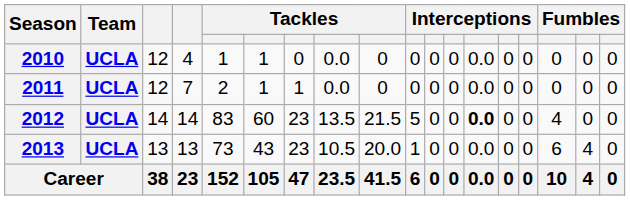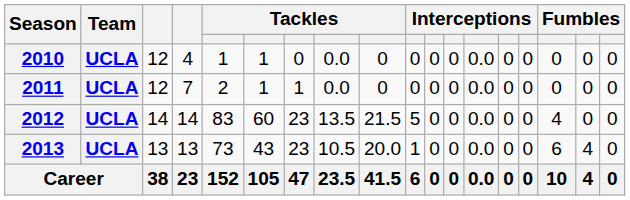 <table class="wikitable" style="text-align:center;">
 <tr>
 <th rowspan="2">Season</th>
 <th rowspan="2">Team</th>
 <th rowspan="2"></th>
 <th rowspan="2"></th>
 <th colspan="5">Tackles</th>
 <th colspan="6">Interceptions</th>
 <th colspan="3">Fumbles</th>
 </tr>
 <tr>
 <th></th>
 <th></th>
 <th></th>
 <th></th>
 <th></th>
 <th></th>
 <th></th>
 <th></th>
 <th></th>
 <th></th>
 <th></th>
 <th></th>
 <th></th>
 <th></th>
 </tr>
 <tr>
 <th><a href='#'>2010</a></th>
 <th><a href='#'>UCLA</a></th>
 <td>12</td>
 <td>4</td>
 <td>1</td>
 <td>1</td>
 <td>0</td>
 <td>0.0</td>
 <td>0</td>
 <td>0</td>
 <td>0</td>
 <td>0</td>
 <td>0.0</td>
 <td>0</td>
 <td>0</td>
 <td>0</td>
 <td>0</td>
 <td>0</td>
 </tr>
 <tr>
 <th><a href='#'>2011</a></th>
 <th><a href='#'>UCLA</a></th>
 <td>12</td>
 <td>7</td>
 <td>2</td>
 <td>1</td>
 <td>1</td>
 <td>0.0</td>
 <td>0</td>
 <td>0</td>
 <td>0</td>
 <td>0</td>
 <td>0.0</td>
 <td>0</td>
 <td>0</td>
 <td>0</td>
 <td>0</td>
 <td>0</td>
 </tr>
 <tr>
 <th><a href='#'>2012</a></th>
 <th><a href='#'>UCLA</a></th>
 <td>14</td>
 <td>14</td>
 <td>83</td>
 <td>60</td>
 <td>23</td>
 <td>13.5</td>
 <td>21.5</td>
 <td>5</td>
 <td>0</td>
 <td>0</td>
-<td><strong>0.0</strong></td>
+<td>0.0</td>
 <td>0</td>
 <td>0</td>
 <td>4</td>
 <td>0</td>
 <td>0</td>
 </tr>
 <tr>
 <th><a href='#'>2013</a></th>
 <th><a href='#'>UCLA</a></th>
 <td>13</td>
 <td>13</td>
 <td>73</td>
 <td>43</td>
 <td>23</td>
 <td>10.5</td>
 <td>20.0</td>
 <td>1</td>
 <td>0</td>
 <td>0</td>
 <td>0.0</td>
 <td>0</td>
 <td>0</td>
 <td>6</td>
 <td>4</td>
 <td>0</td>
 </tr>
 <tr>
 <th colspan="2">Career</th>
 <th>38</th>
 <th>23</th>
 <th>152</th>
 <th>105</th>
 <th>47</th>
 <th>23.5</th>
 <th>41.5</th>
 <th>6</th>
 <th>0</th>
 <th>0</th>
 <th>0.0</th>
 <th>0</th>
 <th>0</th>
 <th>10</th>
 <th>4</th>
 <th>0</th>
 </tr>
 </table>
